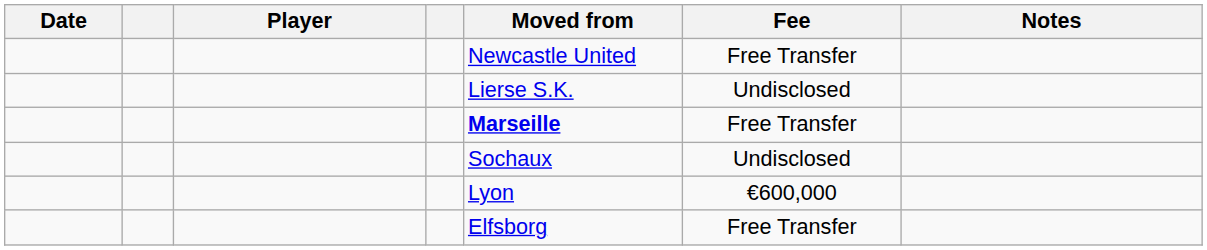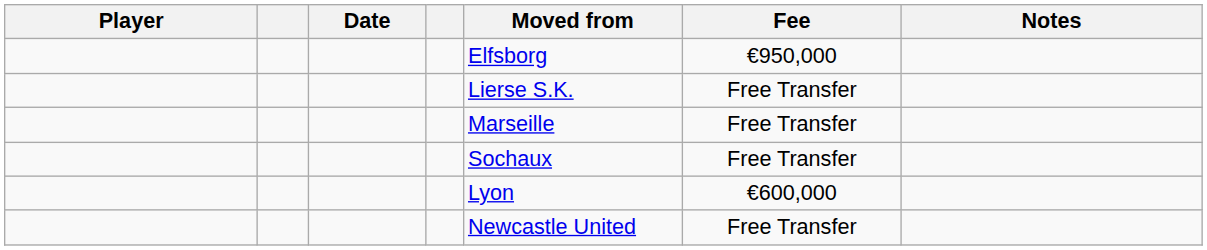 <table class="wikitable sortable">
 <tr>
+<th style="width:180px;">Player</th>
+<th style="width:30px;"></th>
 <th style="width:80px;">Date</th>
-<th style="width:30px;"></th>
-<th style="width:180px;">Player</th>
 <th style="width:20px;"></th>
 <th style="width:155px;">Moved from</th>
 <th style="width:155px;" class="unsortable">Fee</th>
 <th style="width:215px;" class="unsortable">Notes</th>
 </tr>
 <tr>
+<td> </td>
+<td align=center></td>
 <td></td>
+<td></td>
+<td> <a href='#'>Elfsborg</a></td>
+<td align=center>€950,000</td>
 <td align=center></td>
+</tr>
+<tr>
 <td> </td>
+<td align=center></td>
 <td></td>
-<td> <a href='#'>Newcastle United</a></td>
+<td></td>
+<td> <a href='#'>Lierse S.K.</a></td>
 <td align=center>Free Transfer</td>
 <td align=center></td>
 </tr>
 <tr>
+<td> </td>
+<td align=center></td>
 <td></td>
-<td align=center></td>
-<td> </td>
 <td></td>
-<td> <a href='#'>Lierse S.K.</a></td>
-<td align=center>Undisclosed</td>
-<td align=center></td>
-</tr>
-<tr>
-<td></td>
-<td align=center></td>
-<td> </td>
-<td></td>
-<td><strong> <a href='#'>Marseille</a></strong></td>
+<td> <a href='#'>Marseille</a></td>
 <td align=center>Free Transfer</td>
 <td align=center></td>
 </tr>
 <tr>
+<td> </td>
+<td align=center></td>
 <td></td>
-<td align=center></td>
-<td> </td>
 <td></td>
 <td> <a href='#'>Sochaux</a></td>
-<td align=center>Undisclosed</td>
+<td align=center>Free Transfer</td>
 <td align=center></td>
 </tr>
 <tr>
+<td> </td>
+<td align=center></td>
 <td></td>
-<td align=center></td>
-<td> </td>
 <td></td>
 <td> <a href='#'>Lyon</a></td>
 <td align=center>€600,000</td>
 <td align=center></td>
 </tr>
 <tr>
+<td> </td>
+<td align=center></td>
 <td></td>
-<td align=center></td>
-<td> </td>
 <td></td>
-<td> <a href='#'>Elfsborg</a></td>
+<td> <a href='#'>Newcastle United</a></td>
 <td align=center>Free Transfer</td>
 <td align=center></td>
 </tr>
 </table>
